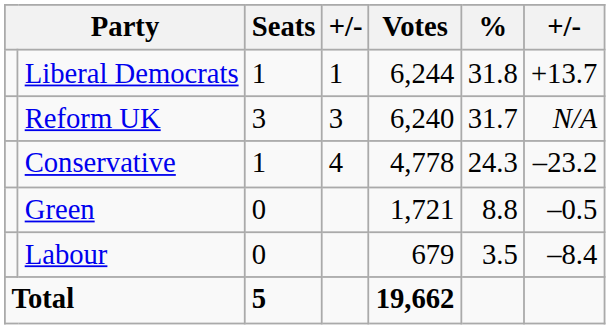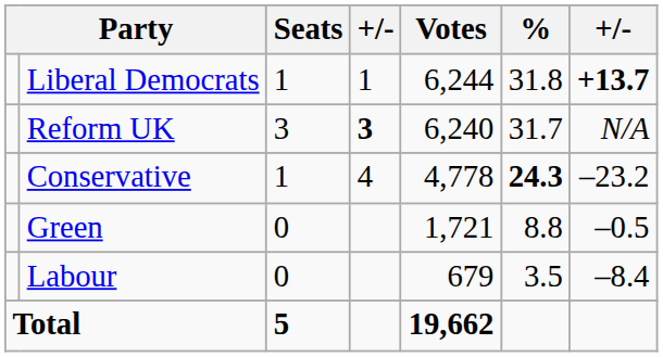 <table class="wikitable sortable">
 <tr>
 <th colspan="2">Party</th>
 <th>Seats</th>
 <th>+/-</th>
 <th>Votes</th>
 <th>%</th>
 <th>+/-</th>
 </tr>
 <tr>
 <td style="background-color: "></td>
 <td><a href='#'>Liberal Democrats</a></td>
 <td>1</td>
 <td> 1</td>
 <td style="text-align:right;">6,244</td>
 <td style="text-align:right;">31.8</td>
-<td style="text-align:right;">+13.7</td>
+<td style="text-align:right;"><strong>+13.7</strong></td>
 </tr>
 <tr>
 <td style="background-color: "></td>
 <td><a href='#'>Reform UK</a></td>
 <td>3</td>
-<td> 3</td>
+<td><strong> 3</strong></td>
 <td style="text-align:right;">6,240</td>
 <td style="text-align:right;">31.7</td>
 <td style="text-align:right;"><em>N/A</em></td>
 </tr>
 <tr>
 <td style="background-color: "></td>
 <td><a href='#'>Conservative</a></td>
 <td>1</td>
 <td> 4</td>
 <td style="text-align:right;">4,778</td>
-<td style="text-align:right;">24.3</td>
+<td style="text-align:right;"><strong>24.3</strong></td>
 <td style="text-align:right;">–23.2</td>
 </tr>
 <tr>
 <td style="background-color: "></td>
 <td><a href='#'>Green</a></td>
 <td>0</td>
 <td></td>
 <td style="text-align:right;">1,721</td>
 <td style="text-align:right;">8.8</td>
 <td style="text-align:right;">–0.5</td>
 </tr>
 <tr>
 <td style="background-color: "></td>
 <td><a href='#'>Labour</a></td>
 <td>0</td>
 <td></td>
 <td style="text-align:right;">679</td>
 <td style="text-align:right;">3.5</td>
 <td style="text-align:right;">–8.4</td>
 </tr>
 <tr>
 <td colspan="2"><strong>Total</strong></td>
 <td><strong>5</strong></td>
 <td></td>
 <td style="text-align:right;"><strong>19,662</strong></td>
 <td style="text-align:right;"></td>
 <td style="text-align:right;"></td>
 </tr>
 </table>
